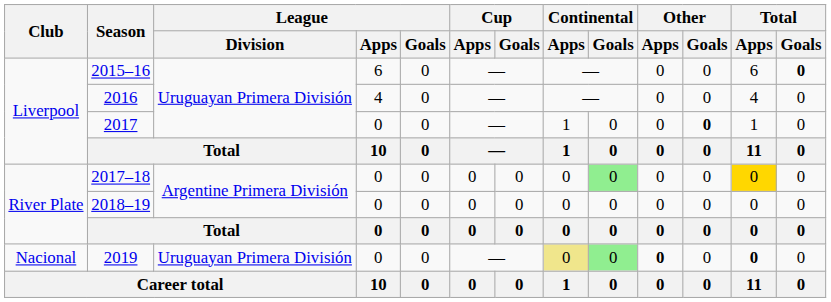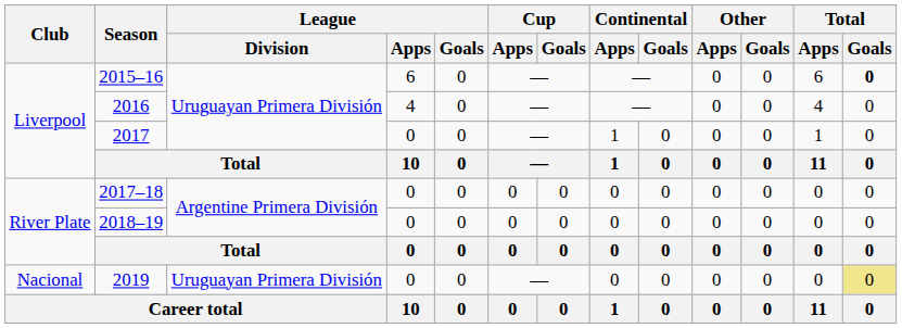 <table class="wikitable" style="text-align:center">
 <tr>
 <th rowspan="2">Club</th>
 <th rowspan="2">Season</th>
 <th colspan="3">League</th>
 <th colspan="2">Cup</th>
 <th colspan="2">Continental</th>
 <th colspan="2">Other</th>
 <th colspan="2">Total</th>
 </tr>
 <tr>
 <th>Division</th>
 <th>Apps</th>
 <th>Goals</th>
 <th>Apps</th>
 <th>Goals</th>
 <th>Apps</th>
 <th>Goals</th>
 <th>Apps</th>
 <th>Goals</th>
 <th>Apps</th>
 <th>Goals</th>
 </tr>
 <tr>
 <td rowspan="4"><a href='#'>Liverpool</a></td>
 <td><a href='#'>2015–16</a></td>
 <td rowspan="3"><a href='#'>Uruguayan Primera División</a></td>
 <td>6</td>
 <td>0</td>
 <td colspan="2">—</td>
 <td colspan="2">—</td>
 <td>0</td>
 <td>0</td>
 <td>6</td>
 <td><strong>0</strong></td>
 </tr>
 <tr>
 <td><a href='#'>2016</a></td>
 <td>4</td>
 <td>0</td>
 <td colspan="2">—</td>
 <td colspan="2">—</td>
 <td>0</td>
 <td>0</td>
 <td>4</td>
 <td>0</td>
 </tr>
 <tr>
 <td><a href='#'>2017</a></td>
 <td>0</td>
 <td>0</td>
 <td colspan="2">—</td>
 <td>1</td>
 <td>0</td>
 <td>0</td>
-<td><strong>0</strong></td>
+<td>0</td>
 <td>1</td>
 <td>0</td>
 </tr>
 <tr>
 <th colspan="2">Total</th>
 <th>10</th>
 <th>0</th>
 <th colspan="2">—</th>
 <th>1</th>
 <th>0</th>
 <th>0</th>
 <th>0</th>
 <th>11</th>
 <th>0</th>
 </tr>
 <tr>
 <td rowspan="3"><a href='#'>River Plate</a></td>
 <td><a href='#'>2017–18</a></td>
 <td rowspan="2"><a href='#'>Argentine Primera División</a></td>
 <td>0</td>
 <td>0</td>
 <td>0</td>
 <td>0</td>
 <td>0</td>
-<td style="background: lightgreen;">0</td>
 <td>0</td>
 <td>0</td>
-<td style="background: gold;">0</td>
+<td>0</td>
+<td>0</td>
 <td>0</td>
 </tr>
 <tr>
 <td><a href='#'>2018–19</a></td>
 <td>0</td>
 <td>0</td>
 <td>0</td>
 <td>0</td>
 <td>0</td>
 <td>0</td>
 <td>0</td>
 <td>0</td>
 <td>0</td>
 <td>0</td>
 </tr>
 <tr>
 <th colspan="2">Total</th>
 <th>0</th>
 <th>0</th>
 <th>0</th>
 <th>0</th>
 <th>0</th>
 <th>0</th>
 <th>0</th>
 <th>0</th>
 <th>0</th>
 <th>0</th>
 </tr>
 <tr>
 <td rowspan="1"><a href='#'>Nacional</a></td>
 <td><a href='#'>2019</a></td>
 <td rowspan="1"><a href='#'>Uruguayan Primera División</a></td>
 <td>0</td>
 <td>0</td>
 <td colspan="2">—</td>
+<td>0</td>
+<td>0</td>
+<td>0</td>
+<td>0</td>
+<td>0</td>
 <td style="background: khaki;">0</td>
-<td style="background: lightgreen;">0</td>
-<td><strong>0</strong></td>
-<td>0</td>
-<td><strong>0</strong></td>
-<td>0</td>
 </tr>
 <tr>
 <th colspan="3">Career total</th>
 <th>10</th>
 <th>0</th>
 <th>0</th>
 <th>0</th>
 <th>1</th>
 <th>0</th>
 <th>0</th>
 <th>0</th>
 <th>11</th>
 <th>0</th>
 </tr>
 </table>
